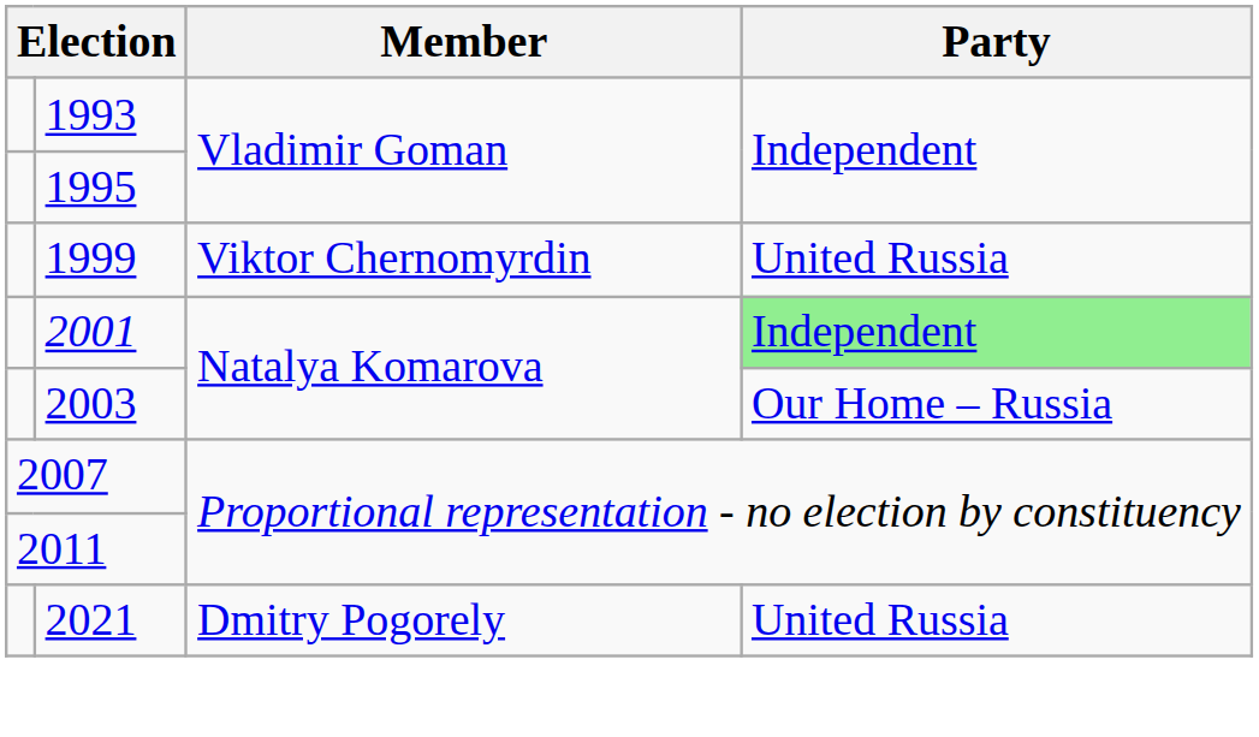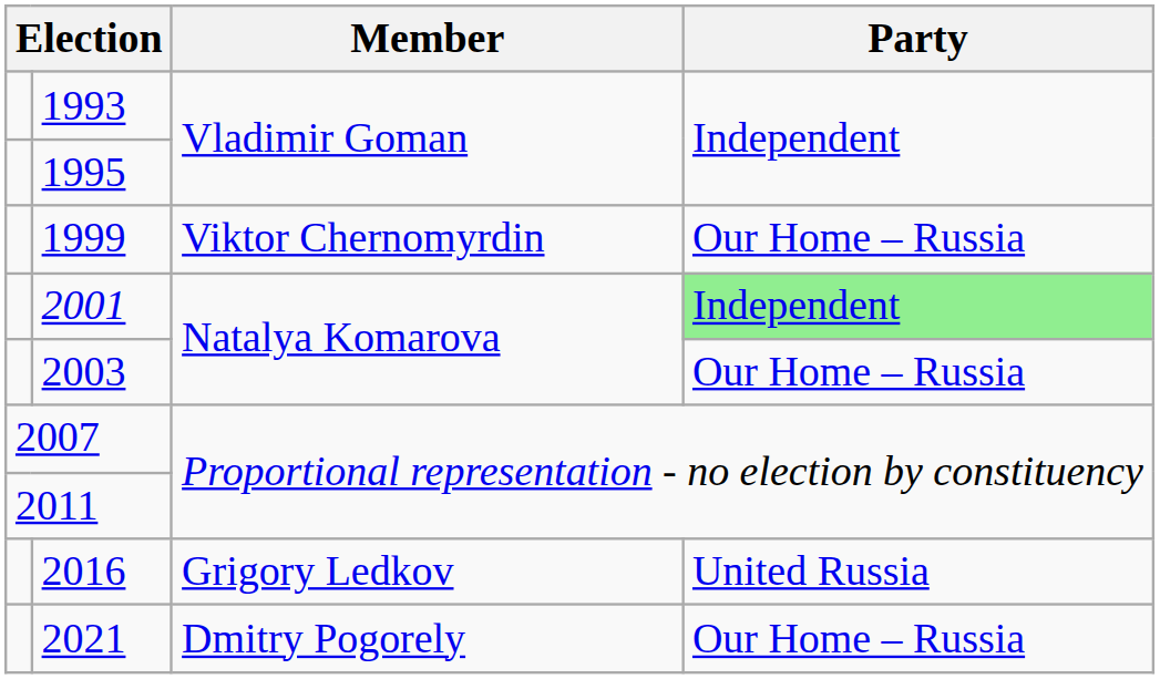 <table class="wikitable">
 <tr>
 <th colspan="2">Election</th>
 <th>Member</th>
 <th>Party</th>
 </tr>
 <tr>
 <td style="background-color:"></td>
 <td><a href='#'>1993</a></td>
 <td rowspan=2><a href='#'>Vladimir Goman</a></td>
 <td rowspan=2><a href='#'>Independent</a></td>
 </tr>
 <tr>
 <td style="background-color:"></td>
 <td><a href='#'>1995</a></td>
 </tr>
 <tr>
 <td style="background-color:"></td>
 <td><a href='#'>1999</a></td>
 <td><a href='#'>Viktor Chernomyrdin</a></td>
-<td><a href='#'>United Russia</a></td>
+<td><a href='#'>Our Home – Russia</a></td>
 </tr>
 <tr>
 <td style="background-color:"></td>
 <td><em><a href='#'>2001</a></em></td>
 <td rowspan=2><a href='#'>Natalya Komarova</a></td>
 <td style="background: lightgreen;"><a href='#'>Independent</a></td>
 </tr>
 <tr>
 <td style="background-color:"></td>
 <td><a href='#'>2003</a></td>
 <td><a href='#'>Our Home – Russia</a></td>
 </tr>
 <tr>
 <td colspan=2><a href='#'>2007</a></td>
 <td colspan=2 rowspan=2><em><a href='#'>Proportional representation</a> - no election by constituency</em></td>
 </tr>
 <tr>
 <td colspan=2><a href='#'>2011</a></td>
 </tr>
 <tr>
 <td style="background-color: "></td>
+<td><a href='#'>2016</a></td>
+<td><a href='#'>Grigory Ledkov</a></td>
+<td><a href='#'>United Russia</a></td>
+</tr>
+<tr>
+<td style="background-color: "></td>
 <td><a href='#'>2021</a></td>
 <td><a href='#'>Dmitry Pogorely</a></td>
-<td><a href='#'>United Russia</a></td>
+<td><a href='#'>Our Home – Russia</a></td>
 </tr>
 </table>
